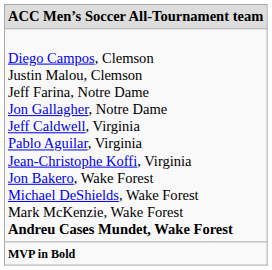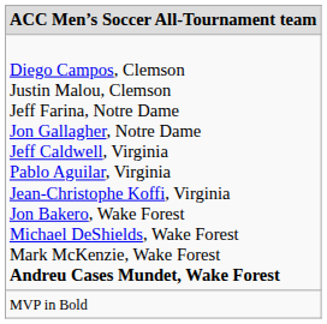 <table class="wikitable" style="white-space:nowrap; font-size:90%;">
 <tr>
 <td colspan="7" style="text-align:center; background:#ddd;"><strong>ACC Men’s Soccer All-Tournament team</strong></td>
 </tr>
 <tr>
 <td><br><a href='#'>Diego Campos</a>, Clemson <br> Justin Malou, Clemson <br> Jeff Farina, Notre Dame <br> <a href='#'>Jon Gallagher</a>, Notre Dame <br> <a href='#'>Jeff Caldwell</a>, Virginia <br> <a href='#'>Pablo Aguilar</a>, Virginia <br> <a href='#'>Jean-Christophe Koffi</a>, Virginia <br> <a href='#'>Jon Bakero</a>, Wake Forest <br> <a href='#'>Michael DeShields</a>, Wake Forest <br> Mark McKenzie, Wake Forest <br> <strong>Andreu Cases Mundet, Wake Forest</strong> <br></td>
 </tr>
 <tr>
-<td><strong><small>MVP in Bold</small></strong></td>
+<td><small>MVP in Bold</small></td>
 </tr>
 </table>
